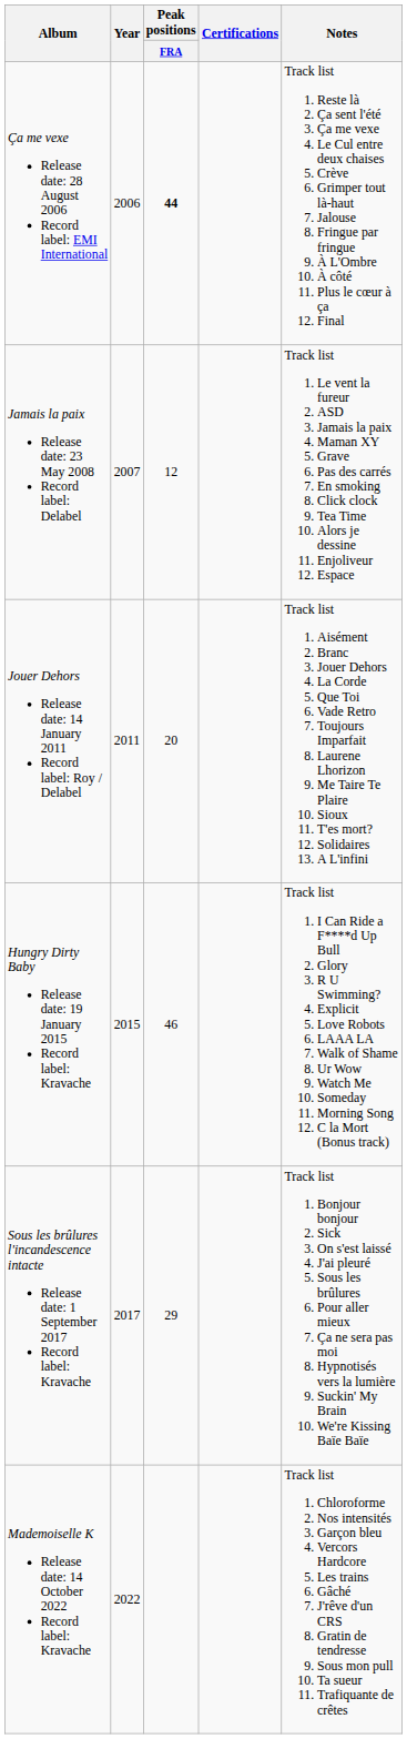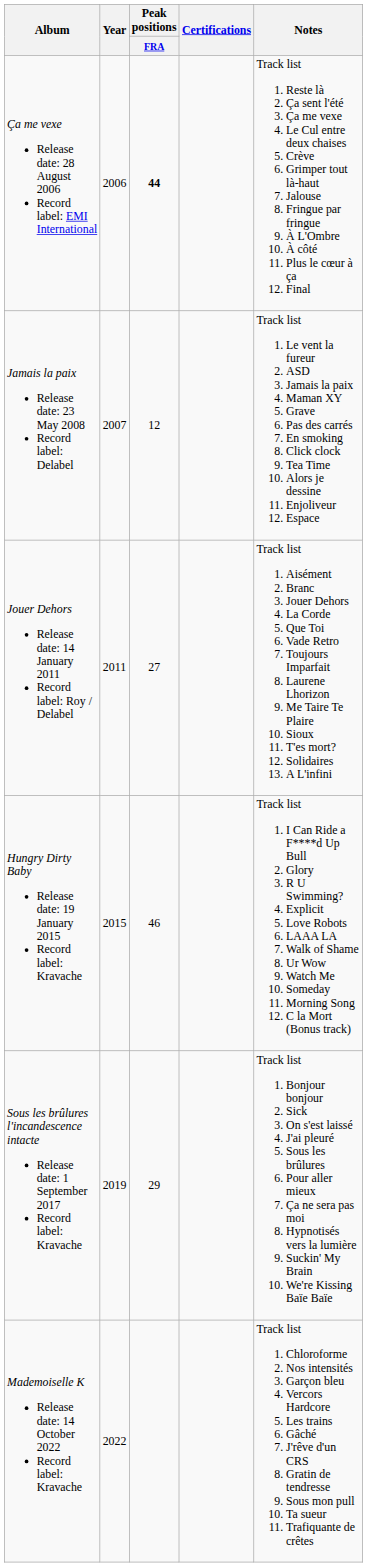 <table class="wikitable">
 <tr>
 <th align="center" rowspan="2" width="120">Album</th>
 <th align="center" rowspan="2" width="10">Year</th>
 <th align="center" colspan="1" width="30">Peak positions</th>
 <th align="center" rowspan="2" width="80"><a href='#'>Certifications</a></th>
 <th align="center" rowspan="2" width="140">Notes</th>
 </tr>
 <tr>
 <th width="20"><small><a href='#'>FRA</a></small><br></th>
 </tr>
 <tr>
 <td><em>Ça me vexe</em><br><ul><li>Release date: 28 August 2006</li><li>Record label: <a href='#'>EMI International</a></li></ul></td>
 <td align="center">2006</td>
 <td align="center"><strong>44</strong></td>
 <td align="center"></td>
 <td align="left">Track list<br><ol><li>Reste là</li><li>Ça sent l'été</li><li>Ça me vexe</li><li>Le Cul entre deux chaises</li><li>Crève</li><li>Grimper tout là-haut</li><li>Jalouse</li><li>Fringue par fringue</li><li>À L'Ombre</li><li>À côté</li><li>Plus le cœur à ça</li><li>Final</li></ol></td>
 </tr>
 <tr>
 <td><em>Jamais la paix</em><br><ul><li>Release date: 23 May 2008</li><li>Record label: Delabel</li></ul></td>
 <td align="center">2007</td>
 <td align="center">12</td>
 <td align="center"></td>
 <td align="left">Track list<br><ol><li>Le vent la fureur</li><li>ASD</li><li>Jamais la paix</li><li>Maman XY</li><li>Grave</li><li>Pas des carrés</li><li>En smoking</li><li>Click clock</li><li>Tea Time</li><li>Alors je dessine</li><li>Enjoliveur</li><li>Espace</li></ol></td>
 </tr>
 <tr>
 <td><em>Jouer Dehors</em><br><ul><li>Release date: 14 January 2011</li><li>Record label: Roy / Delabel</li></ul></td>
 <td align="center">2011</td>
-<td align="center">20</td>
+<td align="center">27</td>
 <td align="center"></td>
 <td align="left">Track list<br><ol><li>Aisément</li><li>Branc</li><li>Jouer Dehors</li><li>La Corde</li><li>Que Toi</li><li>Vade Retro</li><li>Toujours Imparfait</li><li>Laurene Lhorizon</li><li>Me Taire Te Plaire</li><li>Sioux</li><li>T'es mort?</li><li>Solidaires</li><li>A L'infini</li></ol></td>
 </tr>
 <tr>
 <td><em>Hungry Dirty Baby</em><br><ul><li>Release date: 19 January 2015</li><li>Record label: Kravache</li></ul></td>
 <td align="center">2015</td>
 <td align="center">46</td>
 <td align="center"></td>
 <td align="left">Track list<br><ol><li>I Can Ride a F****d Up Bull</li><li>Glory</li><li>R U Swimming?</li><li>Explicit</li><li>Love Robots</li><li>LAAA LA</li><li>Walk of Shame</li><li>Ur Wow</li><li>Watch Me</li><li>Someday</li><li>Morning Song</li><li>C la Mort (Bonus track)</li></ol></td>
 </tr>
 <tr>
 <td><em>Sous les brûlures l'incandescence intacte</em><br><ul><li>Release date: 1 September 2017</li><li>Record label: Kravache</li></ul></td>
-<td align="center">2017</td>
+<td align="center">2019</td>
 <td align="center">29</td>
 <td align="center"></td>
 <td>Track list<br><ol><li>Bonjour bonjour</li><li>Sick</li><li>On s'est laissé</li><li>J'ai pleuré</li><li>Sous les brûlures</li><li>Pour aller mieux</li><li>Ça ne sera pas moi</li><li>Hypnotisés vers la lumière</li><li>Suckin' My Brain</li><li>We're Kissing Baïe Baïe</li></ol></td>
 </tr>
 <tr>
 <td><em>Mademoiselle K</em><br><ul><li>Release date: 14 October 2022</li><li>Record label: Kravache</li></ul></td>
 <td>2022</td>
 <td></td>
 <td></td>
 <td>Track list<br><ol><li>Chloroforme</li><li>Nos intensités</li><li>Garçon bleu</li><li>Vercors Hardcore</li><li>Les trains</li><li>Gâché</li><li>J'rêve d'un CRS</li><li>Gratin de tendresse</li><li>Sous mon pull</li><li>Ta sueur</li><li>Trafiquante de crêtes</li></ol></td>
 </tr>
 </table>
